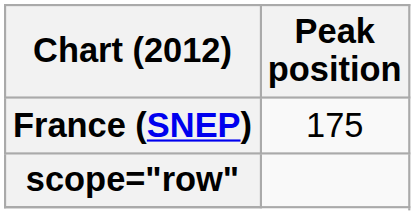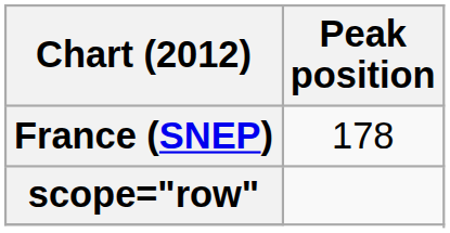 <table class="wikitable sortable plainrowheaders" border="1">
 <tr>
 <th scope="col">Chart (2012)</th>
 <th scope="col">Peak<br>position<br></th>
 </tr>
 <tr>
 <th scope="row">France (<a href='#'>SNEP</a>)</th>
-<td align="center">175</td>
+<td align="center">178</td>
 </tr>
 <tr>
 <th>scope="row" </th>
 </tr>
 <tr>
 </tr>
 </table>
